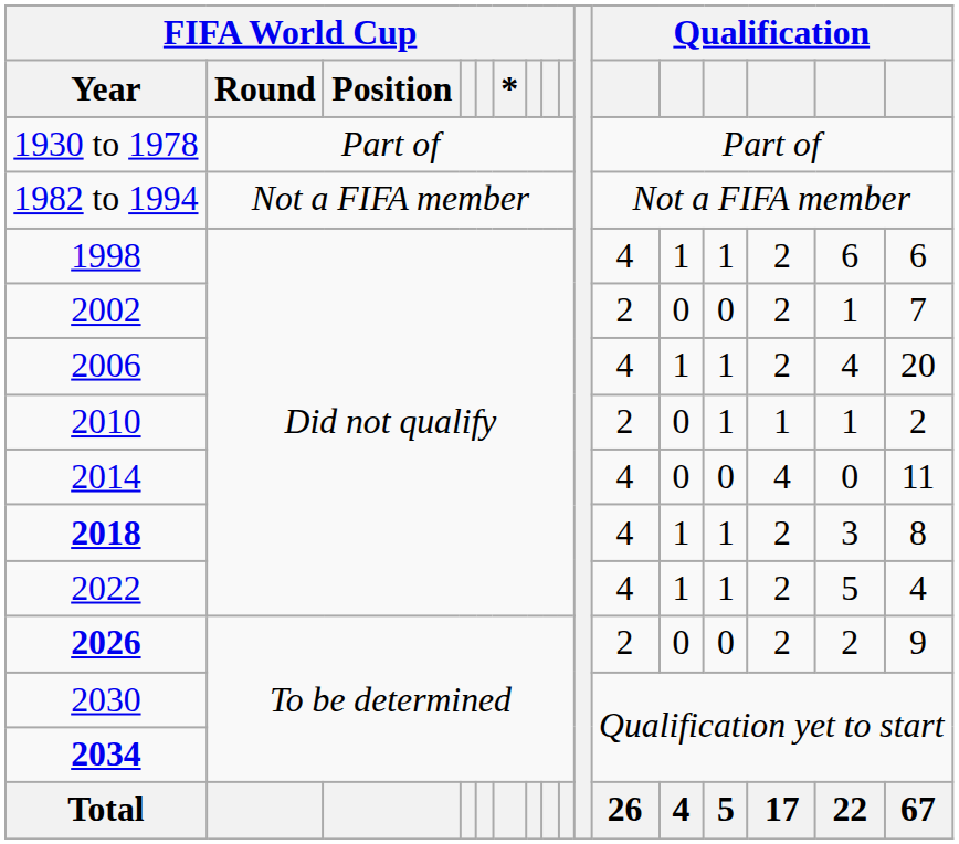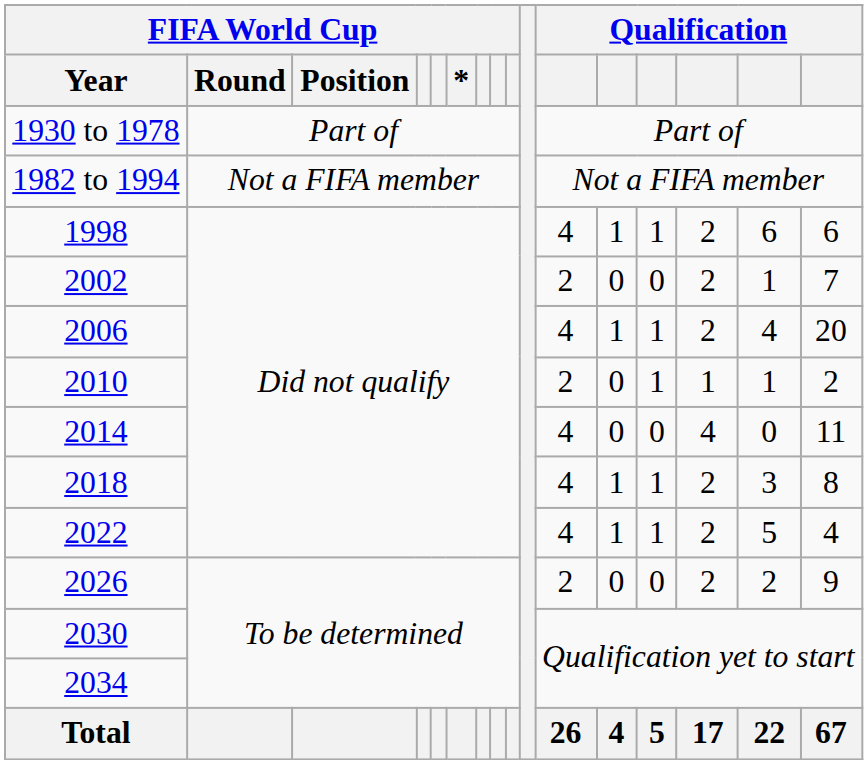 <table class="wikitable" style="text-align: center;">
 <tr>
 <th colspan=9><a href='#'>FIFA World Cup</a></th>
 <th rowspan=39></th>
 <th colspan=6><a href='#'>Qualification</a></th>
 </tr>
 <tr>
 <th>Year</th>
 <th>Round</th>
 <th>Position</th>
 <th></th>
 <th></th>
 <th>*</th>
 <th></th>
 <th></th>
 <th></th>
 <th></th>
 <th></th>
 <th></th>
 <th></th>
 <th></th>
 <th></th>
 </tr>
 <tr>
 <td><a href='#'>1930</a> to <a href='#'>1978</a></td>
 <td colspan=8><em>Part of </em></td>
 <td colspan=6><em>Part of </em></td>
 </tr>
 <tr>
 <td><a href='#'>1982</a> to <a href='#'>1994</a></td>
 <td colspan=8><em>Not a FIFA member</em></td>
 <td colspan=6><em>Not a FIFA member</em></td>
 </tr>
 <tr>
 <td> <a href='#'>1998</a></td>
 <td colspan=8 rowspan=7><em>Did not qualify</em></td>
 <td>4</td>
 <td>1</td>
 <td>1</td>
 <td>2</td>
 <td>6</td>
 <td>6</td>
 </tr>
 <tr>
 <td>  <a href='#'>2002</a></td>
 <td>2</td>
 <td>0</td>
 <td>0</td>
 <td>2</td>
 <td>1</td>
 <td>7</td>
 </tr>
 <tr>
 <td> <a href='#'>2006</a></td>
 <td>4</td>
 <td>1</td>
 <td>1</td>
 <td>2</td>
 <td>4</td>
 <td>20</td>
 </tr>
 <tr>
 <td> <a href='#'>2010</a></td>
 <td>2</td>
 <td>0</td>
 <td>1</td>
 <td>1</td>
 <td>1</td>
 <td>2</td>
 </tr>
 <tr>
 <td> <a href='#'>2014</a></td>
 <td>4</td>
 <td>0</td>
 <td>0</td>
 <td>4</td>
 <td>0</td>
 <td>11</td>
 </tr>
 <tr>
-<td><strong> <a href='#'>2018</a></strong></td>
+<td> <a href='#'>2018</a></td>
 <td>4</td>
 <td>1</td>
 <td>1</td>
 <td>2</td>
 <td>3</td>
 <td>8</td>
 </tr>
 <tr>
 <td> <a href='#'>2022</a></td>
 <td>4</td>
 <td>1</td>
 <td>1</td>
 <td>2</td>
 <td>5</td>
 <td>4</td>
 </tr>
 <tr>
-<td><strong>   <a href='#'>2026</a></strong></td>
+<td>   <a href='#'>2026</a></td>
 <td colspan=8 rowspan=3><em>To be determined</em></td>
 <td>2</td>
 <td>0</td>
 <td>0</td>
 <td>2</td>
 <td>2</td>
 <td>9</td>
 </tr>
 <tr>
 <td>   <a href='#'>2030</a></td>
 <td colspan=6 rowspan=2><em>Qualification yet to start</em></td>
 </tr>
 <tr>
-<td><strong> <a href='#'>2034</a></strong></td>
+<td> <a href='#'>2034</a></td>
 </tr>
 <tr>
 <th>Total</th>
 <th></th>
 <th></th>
 <th></th>
 <th></th>
 <th></th>
 <th></th>
 <th></th>
 <th></th>
 <th>26</th>
 <th>4</th>
 <th>5</th>
 <th>17</th>
 <th>22</th>
 <th>67</th>
 </tr>
 </table>
